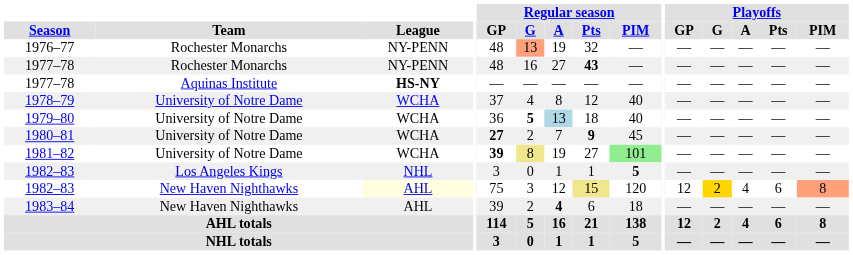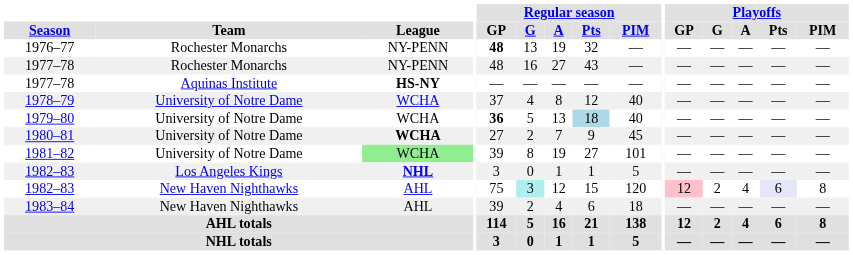 <table border="0" cellpadding="1" cellspacing="0" style="text-align:center; width:60em">
 <tr bgcolor="#e0e0e0">
 <th colspan="3" bgcolor="#ffffff"></th>
 <th rowspan="100" bgcolor="#ffffff"></th>
 <th colspan="5"><a href='#'>Regular season</a></th>
 <th rowspan="100" bgcolor="#ffffff"></th>
 <th colspan="5"><a href='#'>Playoffs</a></th>
 </tr>
 <tr bgcolor="#e0e0e0">
 <th><a href='#'>Season</a></th>
 <th>Team</th>
 <th>League</th>
 <th>GP</th>
 <th><a href='#'>G</a></th>
 <th><a href='#'>A</a></th>
 <th><a href='#'>Pts</a></th>
 <th><a href='#'>PIM</a></th>
 <th>GP</th>
 <th>G</th>
 <th>A</th>
 <th>Pts</th>
 <th>PIM</th>
 </tr>
 <tr>
 <td>1976–77</td>
 <td>Rochester Monarchs</td>
 <td>NY-PENN</td>
-<td>48</td>
-<td style="background: lightsalmon;">13</td>
+<td><strong>48</strong></td>
+<td>13</td>
 <td>19</td>
 <td>32</td>
 <td>—</td>
 <td>—</td>
 <td>—</td>
 <td>—</td>
 <td>—</td>
 <td>—</td>
 </tr>
 <tr bgcolor="#f0f0f0">
 <td>1977–78</td>
 <td>Rochester Monarchs</td>
 <td>NY-PENN</td>
 <td>48</td>
 <td>16</td>
 <td>27</td>
-<td><strong>43</strong></td>
+<td>43</td>
 <td>—</td>
 <td>—</td>
 <td>—</td>
 <td>—</td>
 <td>—</td>
 <td>—</td>
 </tr>
 <tr>
 <td>1977–78</td>
 <td><a href='#'>Aquinas Institute</a></td>
 <td><strong>HS-NY</strong></td>
 <td>—</td>
 <td>—</td>
 <td>—</td>
 <td>—</td>
 <td>—</td>
 <td>—</td>
 <td>—</td>
 <td>—</td>
 <td>—</td>
 <td>—</td>
 </tr>
 <tr bgcolor="#f0f0f0">
 <td><a href='#'>1978–79</a></td>
 <td><a href='#'>University of Notre Dame</a></td>
 <td><a href='#'>WCHA</a></td>
 <td>37</td>
 <td>4</td>
 <td>8</td>
 <td>12</td>
 <td>40</td>
 <td>—</td>
 <td>—</td>
 <td>—</td>
 <td>—</td>
 <td>—</td>
 </tr>
 <tr>
 <td><a href='#'>1979–80</a></td>
 <td>University of Notre Dame</td>
 <td>WCHA</td>
-<td>36</td>
-<td><strong>5</strong></td>
-<td style="background: lightblue;">13</td>
-<td>18</td>
+<td><strong>36</strong></td>
+<td>5</td>
+<td>13</td>
+<td style="background: lightblue;">18</td>
 <td>40</td>
 <td>—</td>
 <td>—</td>
 <td>—</td>
 <td>—</td>
 <td>—</td>
 </tr>
 <tr bgcolor="#f0f0f0">
 <td><a href='#'>1980–81</a></td>
 <td>University of Notre Dame</td>
-<td>WCHA</td>
-<td><strong>27</strong></td>
+<td><strong>WCHA</strong></td>
+<td>27</td>
 <td>2</td>
 <td>7</td>
-<td><strong>9</strong></td>
+<td>9</td>
 <td>45</td>
 <td>—</td>
 <td>—</td>
 <td>—</td>
 <td>—</td>
 <td>—</td>
 </tr>
 <tr>
 <td><a href='#'>1981–82</a></td>
 <td>University of Notre Dame</td>
-<td>WCHA</td>
-<td><strong>39</strong></td>
-<td style="background: khaki;">8</td>
+<td style="background: lightgreen;">WCHA</td>
+<td>39</td>
+<td>8</td>
 <td>19</td>
 <td>27</td>
-<td style="background: lightgreen;">101</td>
+<td>101</td>
 <td>—</td>
 <td>—</td>
 <td>—</td>
 <td>—</td>
 <td>—</td>
 </tr>
 <tr bgcolor="#f0f0f0">
 <td><a href='#'>1982–83</a></td>
 <td><a href='#'>Los Angeles Kings</a></td>
-<td><a href='#'>NHL</a></td>
+<td><strong><a href='#'>NHL</a></strong></td>
 <td>3</td>
 <td>0</td>
 <td>1</td>
 <td>1</td>
-<td><strong>5</strong></td>
+<td>5</td>
 <td>—</td>
 <td>—</td>
 <td>—</td>
 <td>—</td>
 <td>—</td>
 </tr>
 <tr>
 <td><a href='#'>1982–83</a></td>
 <td><a href='#'>New Haven Nighthawks</a></td>
-<td style="background: lightyellow;"><a href='#'>AHL</a></td>
+<td><a href='#'>AHL</a></td>
 <td>75</td>
-<td>3</td>
+<td style="background: paleturquoise;">3</td>
 <td>12</td>
-<td style="background: khaki;">15</td>
+<td>15</td>
 <td>120</td>
-<td>12</td>
-<td style="background: gold;">2</td>
+<td style="background: pink;">12</td>
+<td>2</td>
 <td>4</td>
-<td>6</td>
-<td style="background: lightsalmon;">8</td>
+<td style="background: lavender;">6</td>
+<td>8</td>
 </tr>
 <tr bgcolor="#f0f0f0">
 <td><a href='#'>1983–84</a></td>
 <td>New Haven Nighthawks</td>
 <td>AHL</td>
 <td>39</td>
 <td>2</td>
-<td><strong>4</strong></td>
+<td>4</td>
 <td>6</td>
 <td>18</td>
 <td>—</td>
 <td>—</td>
 <td>—</td>
 <td>—</td>
 <td>—</td>
 </tr>
 <tr bgcolor="#e0e0e0">
 <th colspan="3">AHL totals</th>
 <th>114</th>
 <th>5</th>
 <th>16</th>
 <th>21</th>
 <th>138</th>
 <th>12</th>
 <th>2</th>
 <th>4</th>
 <th>6</th>
 <th>8</th>
 </tr>
 <tr bgcolor="#e0e0e0">
 <th colspan="3">NHL totals</th>
 <th>3</th>
 <th>0</th>
 <th>1</th>
 <th>1</th>
 <th>5</th>
 <th>—</th>
 <th>—</th>
 <th>—</th>
 <th>—</th>
 <th>—</th>
 </tr>
 </table>
